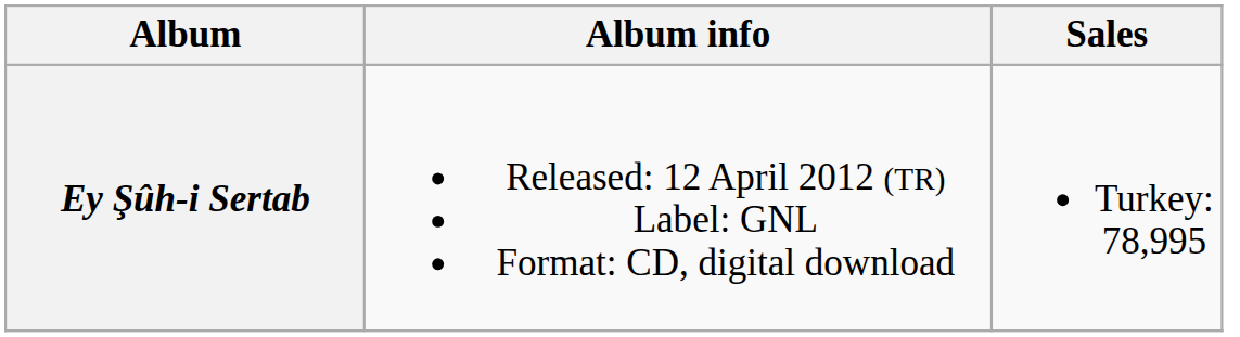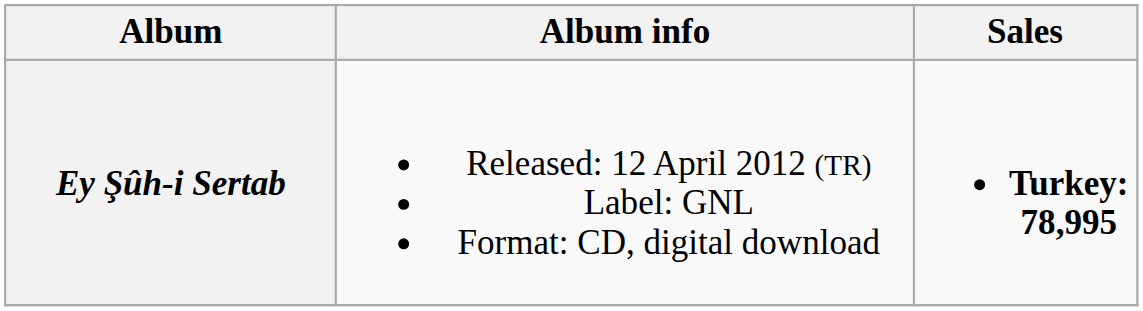 <table class="wikitable plainrowheaders" style="text-align:center;" border="1">
 <tr>
 <th scope="col" style="width:9em;">Album</th>
 <th scope="col" style="width:16em;">Album info</th>
 <th scope="col" style="width:5em;">Sales</th>
 </tr>
 <tr>
 <th scope="row"><em>Ey Şûh-i Sertab</em></th>
 <td><br><ul><li>Released: 12 April 2012 <small>(TR)</small></li><li>Label: GNL</li><li>Format: CD, digital download</li></ul></td>
-<td><br><ul><li>Turkey: 78,995</li></ul></td>
+<td><strong><br><ul><li>Turkey: 78,995</li></ul></strong></td>
 </tr>
 <tr>
 </tr>
 </table>
